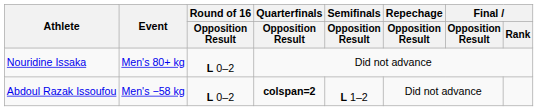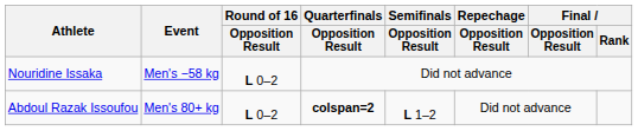 <table class=wikitable style=font-size:90%;text-align:center>
 <tr>
 <th rowspan=2>Athlete</th>
 <th rowspan=2>Event</th>
 <th>Round of 16</th>
 <th>Quarterfinals</th>
 <th>Semifinals</th>
 <th>Repechage</th>
 <th colspan=2>Final / </th>
 </tr>
 <tr style=font-size:95%>
 <th>Opposition<br>Result</th>
 <th>Opposition<br>Result</th>
 <th>Opposition<br>Result</th>
 <th>Opposition<br>Result</th>
 <th>Opposition<br>Result</th>
 <th>Rank</th>
 </tr>
 <tr>
 <td align=left><a href='#'>Nouridine Issaka</a></td>
-<td align=left><a href='#'>Men's 80+ kg</a></td>
+<td align=left><a href='#'>Men's −58 kg</a></td>
 <td> <br><strong>L</strong> 0–2</td>
 <td colspan=5>Did not advance</td>
 </tr>
 <tr>
 <td align=left><a href='#'>Abdoul Razak Issoufou</a></td>
-<td align=left><a href='#'>Men's −58 kg</a></td>
+<td align=left><a href='#'>Men's 80+ kg</a></td>
 <td><br><strong>L</strong> 0–2</td>
 <td><strong>colspan=2 </strong></td>
 <td><br><strong>L</strong> 1–2</td>
 <td colspan="2">Did not advance</td>
 </tr>
 </table>
